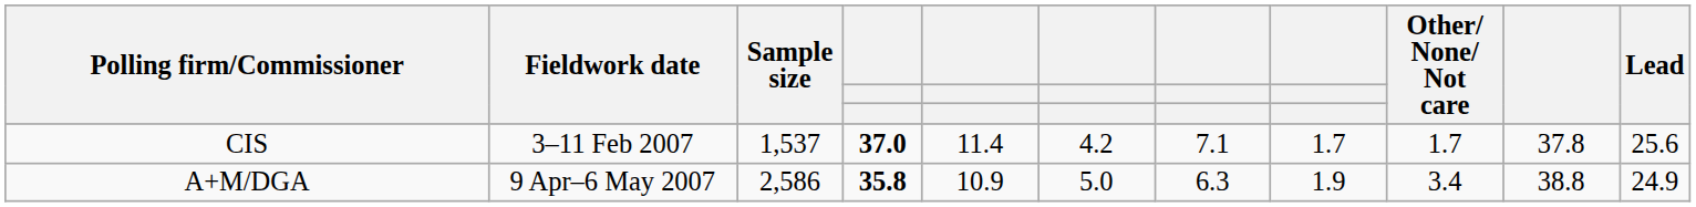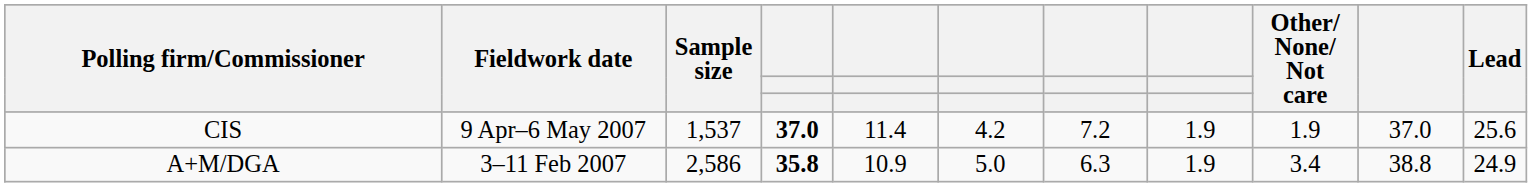 <table class="wikitable collapsible collapsed" style="text-align:center; font-size:90%; line-height:14px;">
 <tr style="height:42px;">
 <th style="width:250px;" rowspan="3">Polling firm/Commissioner</th>
 <th style="width:125px;" rowspan="3">Fieldwork date</th>
 <th style="width:50px;" rowspan="3">Sample size</th>
 <th style="width:35px;"></th>
 <th style="width:55px;"></th>
 <th style="width:55px;"></th>
 <th style="width:55px;"></th>
 <th style="width:55px;"></th>
 <th style="width:55px;" rowspan="3">Other/<br>None/<br>Not<br>care</th>
 <th style="width:55px;" rowspan="3"></th>
 <th style="width:30px;" rowspan="3">Lead</th>
 </tr>
 <tr>
 <th style="color:inherit;background:"></th>
 <th style="color:inherit;background:"></th>
 <th style="color:inherit;background:"></th>
 <th style="color:inherit;background:"></th>
 <th style="color:inherit;background:"></th>
 </tr>
 <tr>
 <th></th>
 <th></th>
 <th></th>
 <th></th>
 <th></th>
 </tr>
 <tr>
 <td>CIS</td>
-<td>3–11 Feb 2007</td>
+<td>9 Apr–6 May 2007</td>
 <td>1,537</td>
 <td><strong>37.0</strong></td>
 <td>11.4</td>
 <td>4.2</td>
-<td>7.1</td>
-<td>1.7</td>
-<td>1.7</td>
-<td>37.8</td>
+<td>7.2</td>
+<td>1.9</td>
+<td>1.9</td>
+<td>37.0</td>
 <td style="background:">25.6</td>
 </tr>
 <tr>
 <td>A+M/DGA</td>
-<td>9 Apr–6 May 2007</td>
+<td>3–11 Feb 2007</td>
 <td>2,586</td>
 <td><strong>35.8</strong></td>
 <td>10.9</td>
 <td>5.0</td>
 <td>6.3</td>
 <td>1.9</td>
 <td>3.4</td>
 <td>38.8</td>
 <td style="background:">24.9</td>
 </tr>
 </table>
